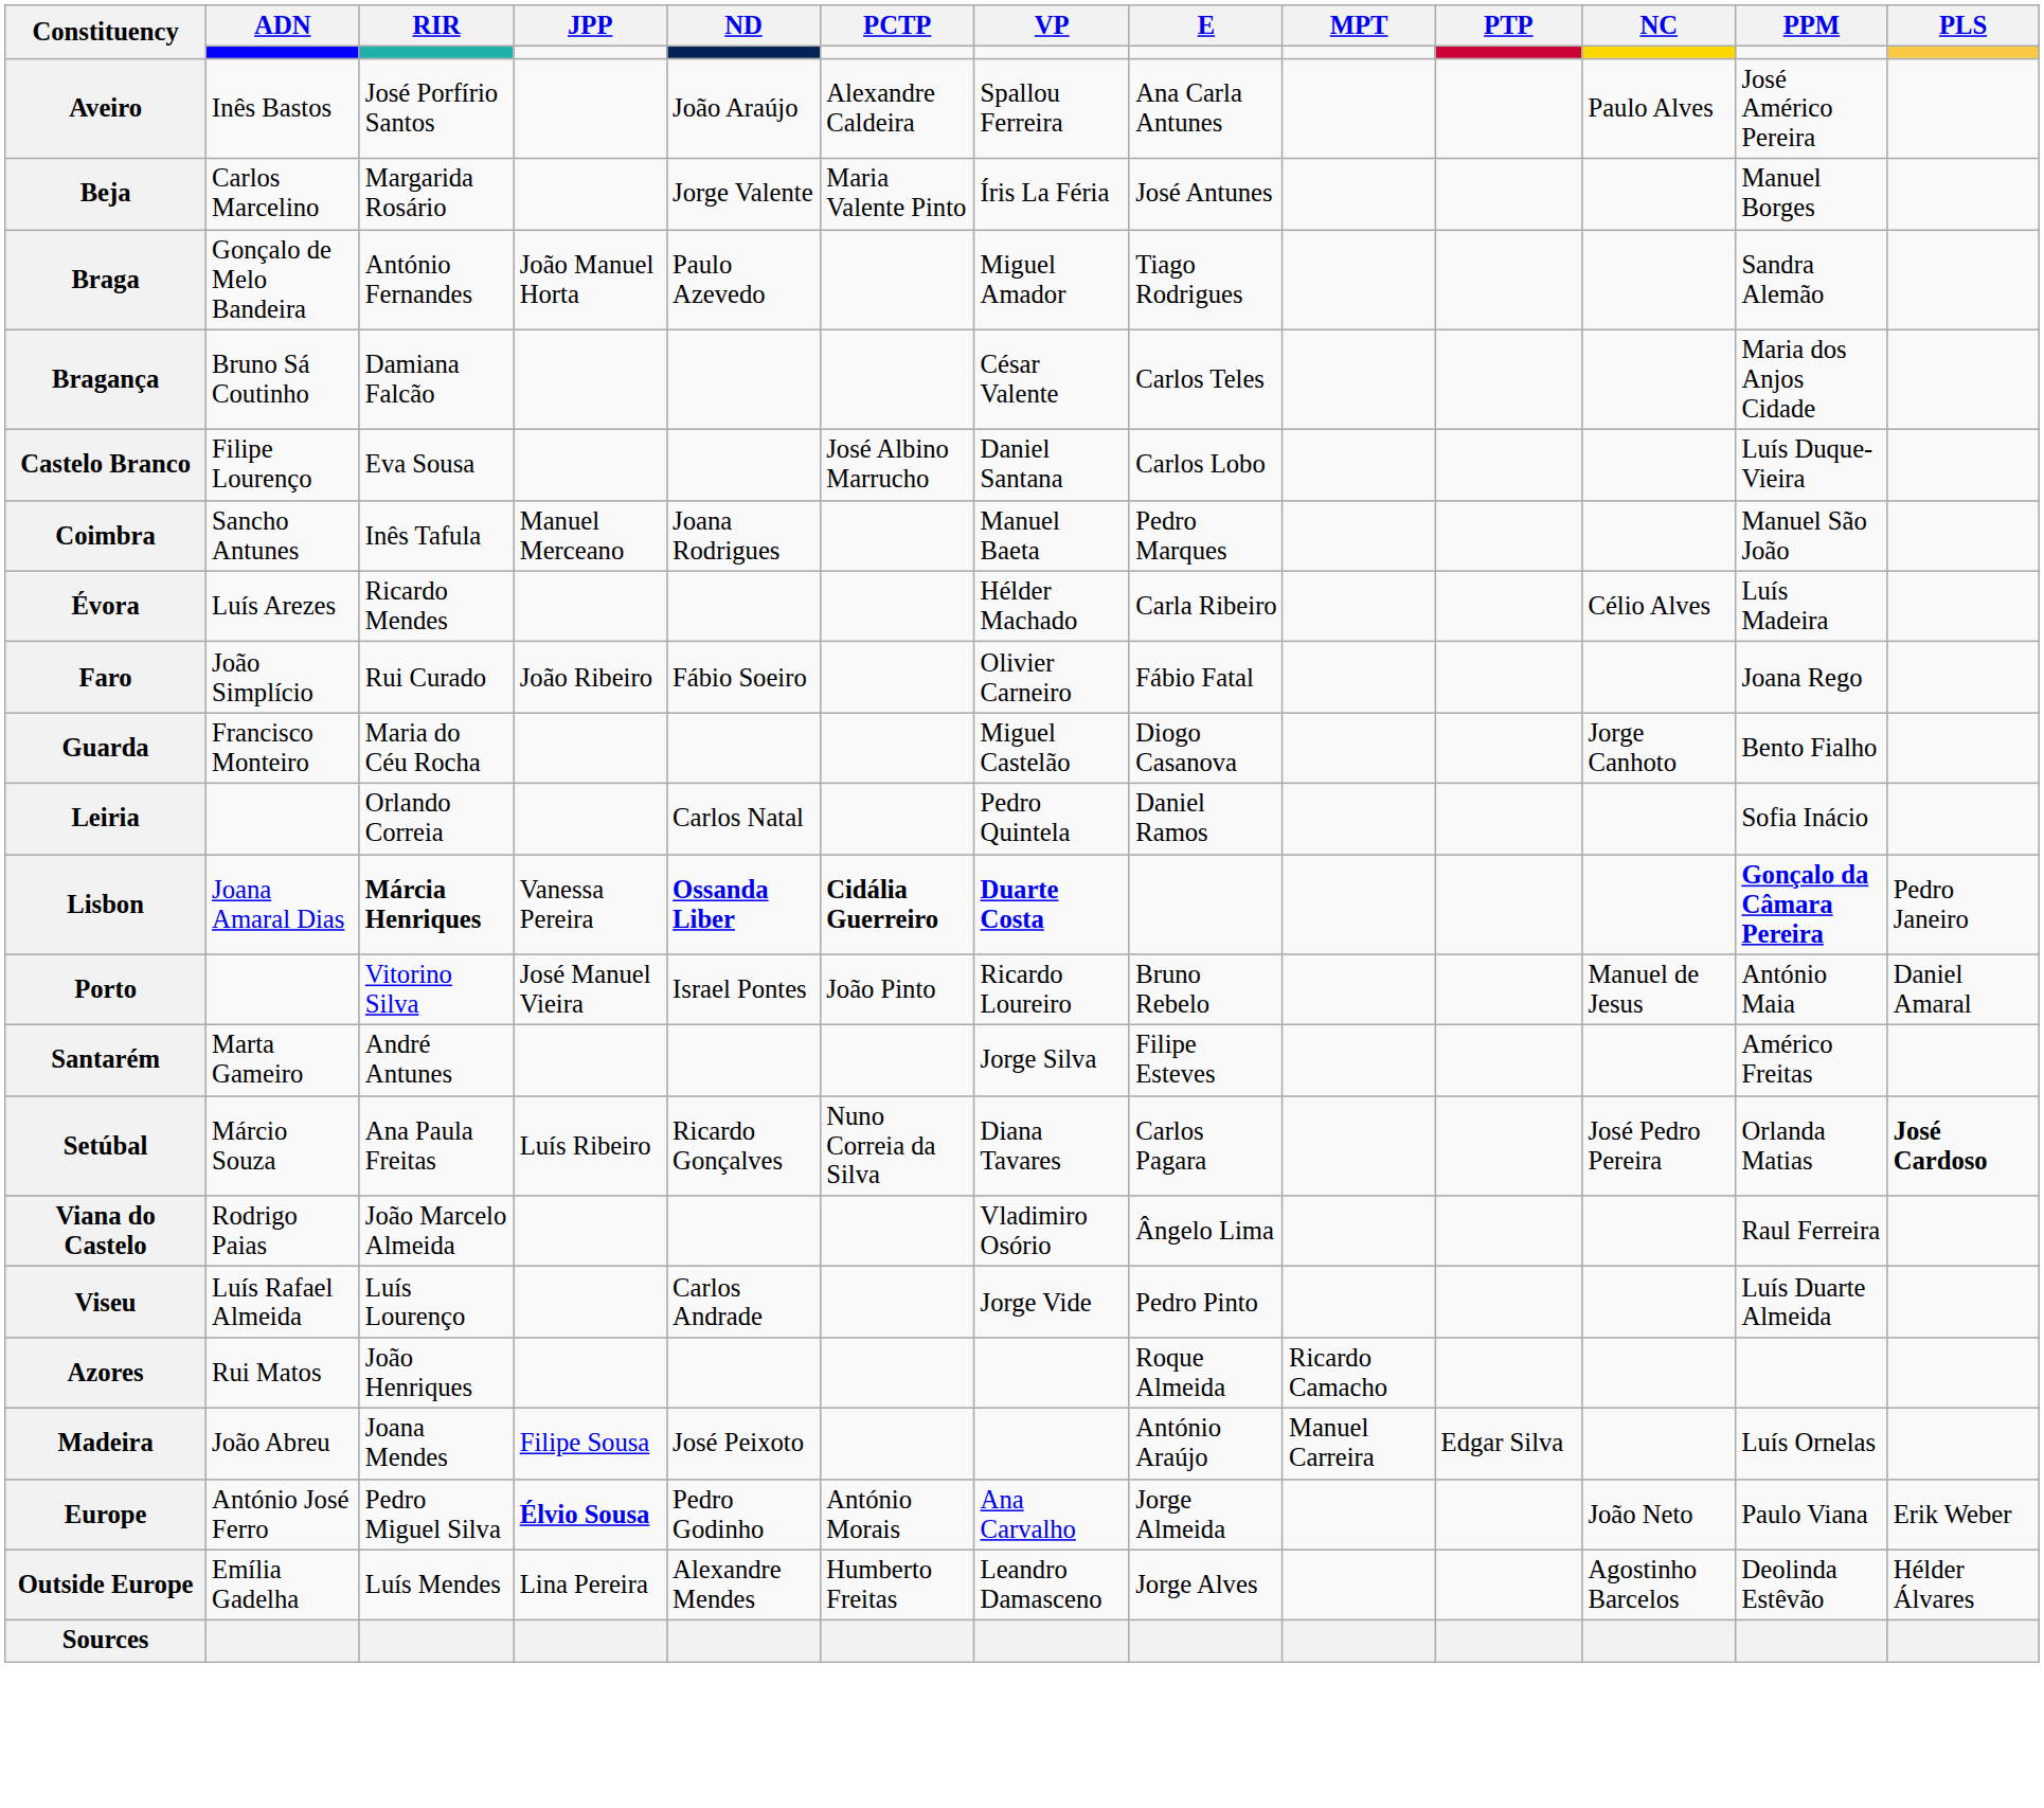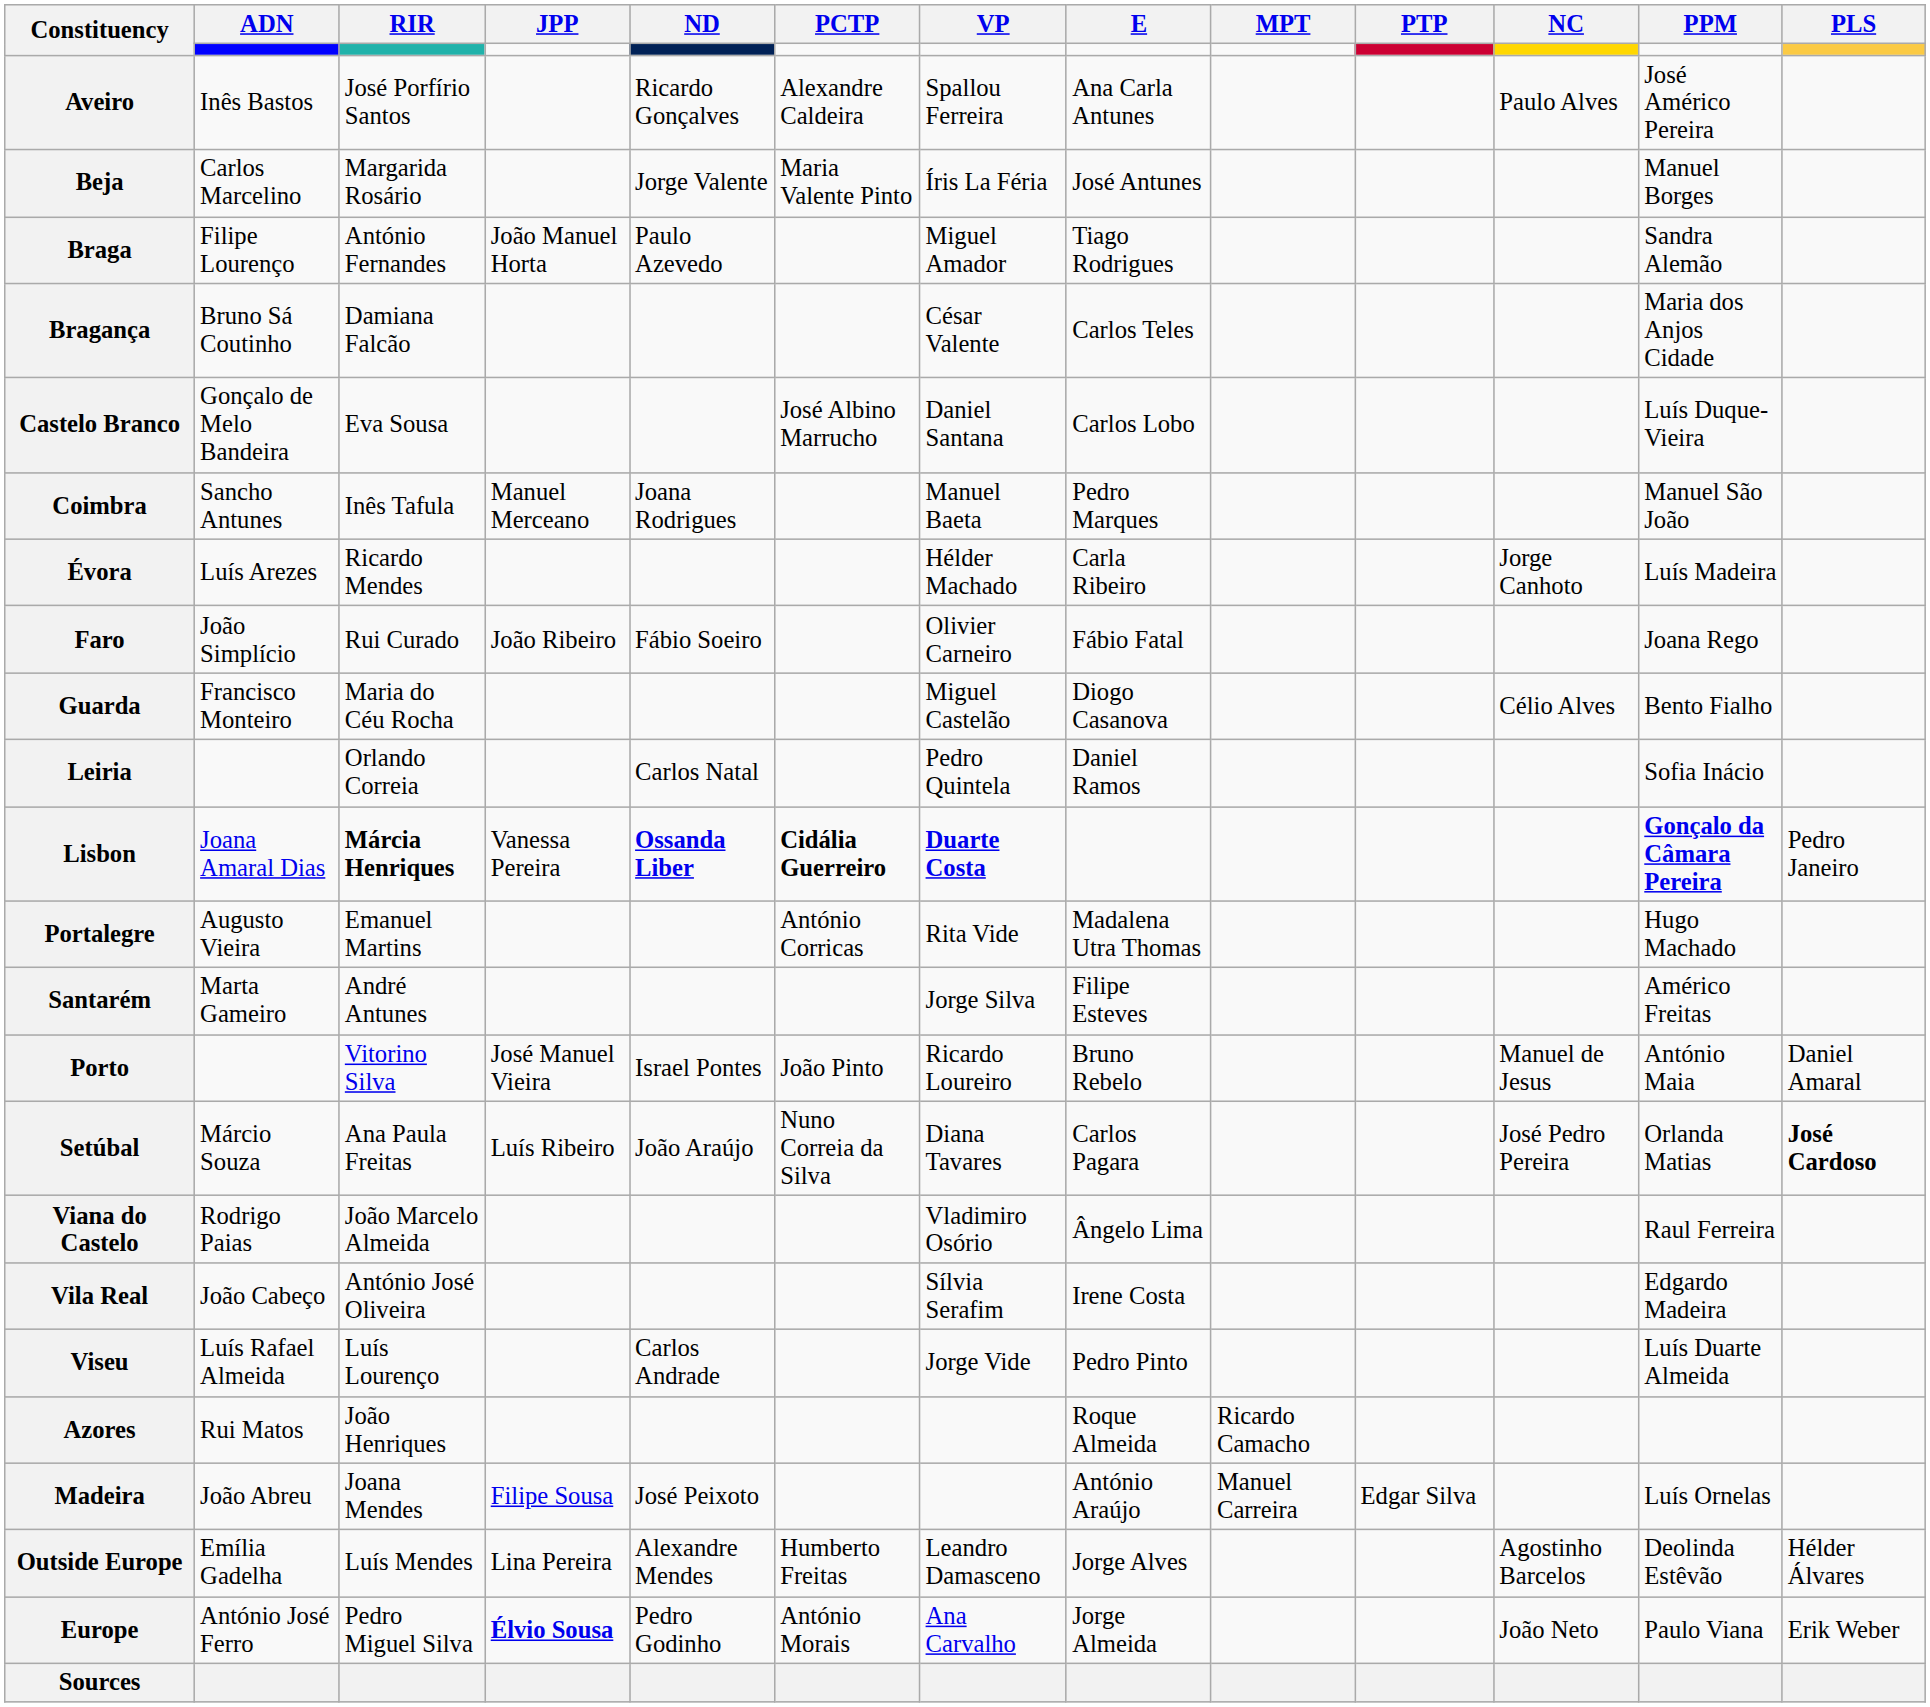 <table class="wikitable">
 <tr>
 <th rowspan="2" style="width:120px;">Constituency</th>
 <th style="width:90px;"><a href='#'>ADN</a></th>
 <th style="width:90px;"><a href='#'>RIR</a></th>
 <th style="width:90px;"><a href='#'>JPP</a></th>
 <th style="width:90px;"><a href='#'>ND</a></th>
 <th style="width:90px;"><a href='#'>PCTP</a></th>
 <th style="width:90px;"><a href='#'>VP</a></th>
 <th style="width:90px;"><a href='#'>E</a></th>
 <th style="width:90px;"><a href='#'>MPT</a></th>
 <th style="width:90px;"><a href='#'>PTP</a></th>
 <th style="width:90px;"><a href='#'>NC</a></th>
 <th style="width:90px;"><a href='#'>PPM</a></th>
 <th style="width:90px;"><a href='#'>PLS</a></th>
 </tr>
 <tr>
 <td bgcolor="blue"></td>
 <td bgcolor="LightSeaGreen"></td>
 <td style="background:"></td>
 <td style="background:#012257;"></td>
 <td style="background:"></td>
 <td style="background:"></td>
 <td style="background:"></td>
 <td style="background:"></td>
 <td style="background:#CC0033;"></td>
 <td bgcolor="gold"></td>
 <td style="background:"></td>
 <td style="background:#fbca44;"></td>
 </tr>
 <tr>
 <th>Aveiro</th>
 <td>Inês Bastos</td>
 <td>José Porfírio Santos</td>
 <td></td>
-<td>João Araújo</td>
+<td>Ricardo Gonçalves</td>
 <td>Alexandre Caldeira</td>
 <td>Spallou Ferreira</td>
 <td>Ana Carla Antunes</td>
 <td></td>
 <td></td>
 <td>Paulo Alves</td>
 <td>José Américo Pereira</td>
 <td></td>
 </tr>
 <tr>
 <th>Beja</th>
 <td>Carlos Marcelino</td>
 <td>Margarida Rosário</td>
 <td></td>
 <td>Jorge Valente</td>
 <td>Maria Valente Pinto</td>
 <td>Íris La Féria</td>
 <td>José Antunes</td>
 <td></td>
 <td></td>
 <td></td>
 <td>Manuel Borges</td>
 <td></td>
 </tr>
 <tr>
 <th>Braga</th>
-<td>Gonçalo de Melo Bandeira</td>
+<td>Filipe Lourenço</td>
 <td>António Fernandes</td>
 <td>João Manuel Horta</td>
 <td>Paulo Azevedo</td>
 <td></td>
 <td>Miguel Amador</td>
 <td>Tiago Rodrigues</td>
 <td></td>
 <td></td>
 <td></td>
 <td>Sandra Alemão</td>
 <td></td>
 </tr>
 <tr>
 <th>Bragança</th>
 <td>Bruno Sá Coutinho</td>
 <td>Damiana Falcão</td>
 <td></td>
 <td></td>
 <td></td>
 <td>César Valente</td>
 <td>Carlos Teles</td>
 <td></td>
 <td></td>
 <td></td>
 <td>Maria dos Anjos Cidade</td>
 <td></td>
 </tr>
 <tr>
 <th>Castelo Branco</th>
-<td>Filipe Lourenço</td>
+<td>Gonçalo de Melo Bandeira</td>
 <td>Eva Sousa</td>
 <td></td>
 <td></td>
 <td>José Albino Marrucho</td>
 <td>Daniel Santana</td>
 <td>Carlos Lobo</td>
 <td></td>
 <td></td>
 <td></td>
 <td>Luís Duque-Vieira</td>
 <td></td>
 </tr>
 <tr>
 <th>Coimbra</th>
 <td>Sancho Antunes</td>
 <td>Inês Tafula</td>
 <td>Manuel Merceano</td>
 <td>Joana Rodrigues</td>
 <td></td>
 <td>Manuel Baeta</td>
 <td>Pedro Marques</td>
 <td></td>
 <td></td>
 <td></td>
 <td>Manuel São João</td>
 <td></td>
 </tr>
 <tr>
 <th>Évora</th>
 <td>Luís Arezes</td>
 <td>Ricardo Mendes</td>
 <td></td>
 <td></td>
 <td></td>
 <td>Hélder Machado</td>
 <td>Carla Ribeiro</td>
 <td></td>
 <td></td>
-<td>Célio Alves</td>
+<td>Jorge Canhoto</td>
 <td>Luís Madeira</td>
 <td></td>
 </tr>
 <tr>
 <th>Faro</th>
 <td>João Simplício</td>
 <td>Rui Curado</td>
 <td>João Ribeiro</td>
 <td>Fábio Soeiro</td>
 <td></td>
 <td>Olivier Carneiro</td>
 <td>Fábio Fatal</td>
 <td></td>
 <td></td>
 <td></td>
 <td>Joana Rego</td>
 <td></td>
 </tr>
 <tr>
 <th>Guarda</th>
 <td>Francisco Monteiro</td>
 <td>Maria do Céu Rocha</td>
 <td></td>
 <td></td>
 <td></td>
 <td>Miguel Castelão</td>
 <td>Diogo Casanova</td>
 <td></td>
 <td></td>
-<td>Jorge Canhoto</td>
+<td>Célio Alves</td>
 <td>Bento Fialho</td>
 <td></td>
 </tr>
 <tr>
 <th>Leiria</th>
 <td></td>
 <td>Orlando Correia</td>
 <td></td>
 <td>Carlos Natal</td>
 <td></td>
 <td>Pedro Quintela</td>
 <td>Daniel Ramos</td>
 <td></td>
 <td></td>
 <td></td>
 <td>Sofia Inácio</td>
 <td></td>
 </tr>
 <tr>
 <th>Lisbon</th>
 <td><a href='#'>Joana Amaral Dias</a></td>
 <td><strong>Márcia Henriques</strong></td>
 <td>Vanessa Pereira</td>
 <td><strong><a href='#'>Ossanda Liber</a></strong></td>
 <td><strong>Cidália Guerreiro</strong></td>
 <td><a href='#'><strong>Duarte Costa</strong></a></td>
 <td><strong></strong></td>
 <td></td>
 <td></td>
 <td><strong></strong></td>
 <td><a href='#'><strong>Gonçalo da Câmara Pereira</strong></a></td>
 <td>Pedro Janeiro</td>
 </tr>
 <tr>
-<th>Porto</th>
-<td><strong></strong></td>
-<td><a href='#'>Vitorino Silva</a></td>
-<td>José Manuel Vieira</td>
-<td>Israel Pontes</td>
-<td>João Pinto</td>
-<td>Ricardo Loureiro</td>
-<td>Bruno Rebelo</td>
+<th>Portalegre</th>
+<td>Augusto Vieira</td>
+<td>Emanuel Martins</td>
 <td></td>
 <td></td>
-<td>Manuel de Jesus</td>
-<td>António Maia</td>
-<td>Daniel Amaral</td>
+<td>António Corricas</td>
+<td>Rita Vide</td>
+<td>Madalena Utra Thomas</td>
+<td></td>
+<td></td>
+<td></td>
+<td>Hugo Machado</td>
+<td></td>
 </tr>
 <tr>
 <th>Santarém</th>
 <td>Marta Gameiro</td>
 <td>André Antunes</td>
 <td></td>
 <td></td>
 <td></td>
 <td>Jorge Silva</td>
 <td>Filipe Esteves</td>
 <td></td>
 <td></td>
 <td></td>
 <td>Américo Freitas</td>
 <td></td>
 </tr>
 <tr>
+<th>Porto</th>
+<td><strong></strong></td>
+<td><a href='#'>Vitorino Silva</a></td>
+<td>José Manuel Vieira</td>
+<td>Israel Pontes</td>
+<td>João Pinto</td>
+<td>Ricardo Loureiro</td>
+<td>Bruno Rebelo</td>
+<td></td>
+<td></td>
+<td>Manuel de Jesus</td>
+<td>António Maia</td>
+<td>Daniel Amaral</td>
+</tr>
+<tr>
 <th>Setúbal</th>
 <td>Márcio Souza</td>
 <td>Ana Paula Freitas</td>
 <td>Luís Ribeiro</td>
-<td>Ricardo Gonçalves</td>
+<td>João Araújo</td>
 <td>Nuno Correia da Silva</td>
 <td>Diana Tavares</td>
 <td>Carlos Pagara</td>
 <td></td>
 <td></td>
 <td>José Pedro Pereira</td>
 <td>Orlanda Matias</td>
 <td><strong>José Cardoso</strong></td>
 </tr>
 <tr>
 <th>Viana do Castelo</th>
 <td>Rodrigo Paias</td>
 <td>João Marcelo Almeida</td>
 <td></td>
 <td></td>
 <td></td>
 <td>Vladimiro Osório</td>
 <td>Ângelo Lima</td>
 <td></td>
 <td></td>
 <td></td>
 <td>Raul Ferreira</td>
+<td></td>
+</tr>
+<tr>
+<th>Vila Real</th>
+<td>João Cabeço</td>
+<td>António José Oliveira</td>
+<td></td>
+<td></td>
+<td></td>
+<td>Sílvia Serafim</td>
+<td>Irene Costa</td>
+<td></td>
+<td></td>
+<td></td>
+<td>Edgardo Madeira</td>
 <td></td>
 </tr>
 <tr>
 <th>Viseu</th>
 <td>Luís Rafael Almeida</td>
 <td>Luís Lourenço</td>
 <td></td>
 <td>Carlos Andrade</td>
 <td></td>
 <td>Jorge Vide</td>
 <td>Pedro Pinto</td>
 <td></td>
 <td></td>
 <td></td>
 <td>Luís Duarte Almeida</td>
 <td></td>
 </tr>
 <tr>
 <th>Azores</th>
 <td>Rui Matos</td>
 <td>João Henriques</td>
 <td></td>
 <td></td>
 <td></td>
 <td></td>
 <td>Roque Almeida</td>
 <td>Ricardo Camacho</td>
 <td></td>
 <td></td>
 <td></td>
 <td></td>
 </tr>
 <tr>
 <th>Madeira</th>
 <td>João Abreu</td>
 <td>Joana Mendes</td>
 <td><a href='#'>Filipe Sousa</a></td>
 <td>José Peixoto</td>
 <td></td>
 <td></td>
 <td>António Araújo</td>
 <td>Manuel Carreira</td>
 <td>Edgar Silva</td>
 <td></td>
 <td>Luís Ornelas</td>
 <td></td>
 </tr>
 <tr>
+<th>Outside Europe</th>
+<td>Emília Gadelha</td>
+<td>Luís Mendes</td>
+<td>Lina Pereira</td>
+<td>Alexandre Mendes</td>
+<td>Humberto Freitas</td>
+<td>Leandro Damasceno</td>
+<td>Jorge Alves</td>
+<td></td>
+<td></td>
+<td>Agostinho Barcelos</td>
+<td>Deolinda Estêvão</td>
+<td>Hélder Álvares</td>
+</tr>
+<tr>
 <th>Europe</th>
 <td>António José Ferro</td>
 <td>Pedro Miguel Silva</td>
 <td><strong><a href='#'>Élvio Sousa</a></strong></td>
 <td>Pedro Godinho</td>
 <td>António Morais</td>
 <td><a href='#'>Ana Carvalho</a></td>
 <td>Jorge Almeida</td>
 <td></td>
 <td></td>
 <td>João Neto</td>
 <td>Paulo Viana</td>
 <td>Erik Weber</td>
-</tr>
-<tr>
-<th>Outside Europe</th>
-<td>Emília Gadelha</td>
-<td>Luís Mendes</td>
-<td>Lina Pereira</td>
-<td>Alexandre Mendes</td>
-<td>Humberto Freitas</td>
-<td>Leandro Damasceno</td>
-<td>Jorge Alves</td>
-<td></td>
-<td></td>
-<td>Agostinho Barcelos</td>
-<td>Deolinda Estêvão</td>
-<td>Hélder Álvares</td>
 </tr>
 <tr>
 <th>Sources</th>
 <th></th>
 <th></th>
 <th></th>
 <th></th>
 <th></th>
 <th></th>
 <th></th>
 <th></th>
 <th></th>
 <th></th>
 <th></th>
 <th></th>
 </tr>
 </table>
